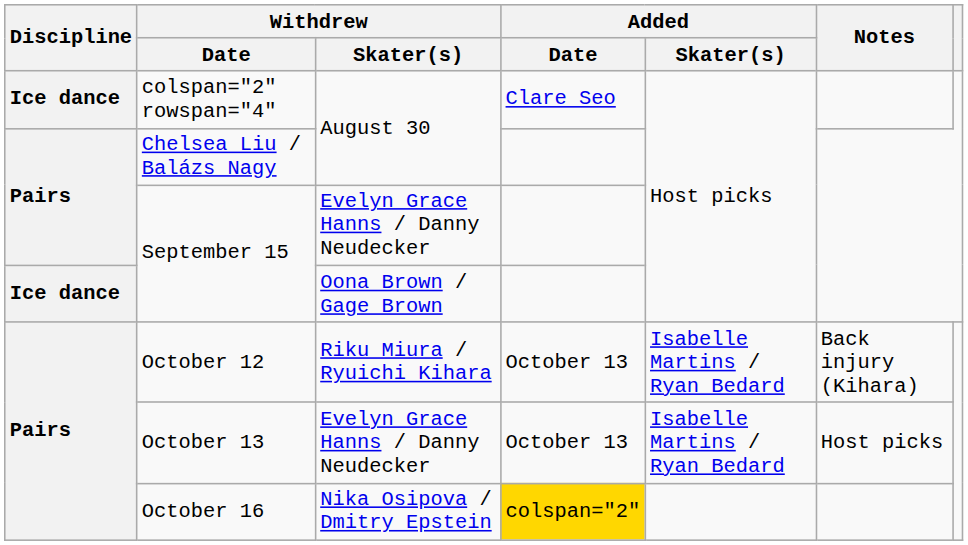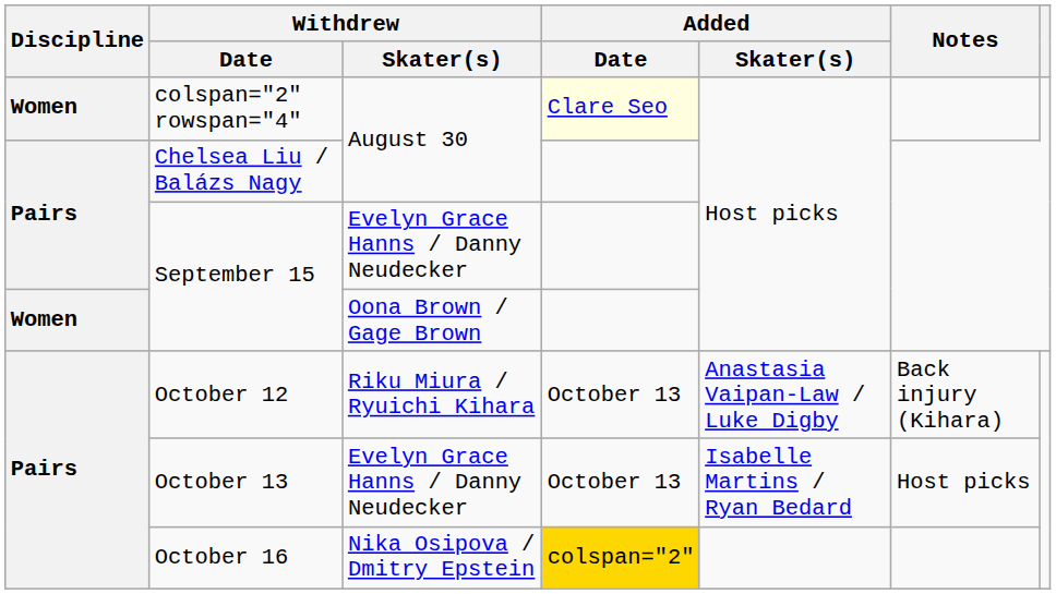 <table class="wikitable unsortable">
 <tr>
 <th scope="col" rowspan=2>Discipline</th>
 <th scope="col" colspan=2>Withdrew</th>
 <th scope="col" colspan=2>Added</th>
 <th scope="col" rowspan=2>Notes</th>
 <th scope="col" rowspan=2></th>
 </tr>
 <tr>
 <th>Date</th>
 <th>Skater(s)</th>
 <th>Date</th>
 <th>Skater(s)</th>
 </tr>
 <tr>
-<th scope="row" style="text-align:left">Ice dance</th>
+<th scope="row" style="text-align:left">Women</th>
 <td>colspan="2" rowspan="4" </td>
 <td rowspan=2>August 30</td>
-<td> <a href='#'>Clare Seo</a></td>
+<td style="background: lightyellow;"> <a href='#'>Clare Seo</a></td>
 <td rowspan=4>Host picks</td>
 <td></td>
 </tr>
 <tr>
 <th rowspan="2" scope="row" style="text-align:left">Pairs</th>
 <td> <a href='#'>Chelsea Liu</a> / <a href='#'>Balázs Nagy</a></td>
 <td></td>
 </tr>
 <tr>
 <td rowspan=2>September 15</td>
 <td> <a href='#'>Evelyn Grace Hanns</a> / Danny Neudecker</td>
 <td></td>
 </tr>
 <tr>
-<th scope="row" style="text-align:left">Ice dance</th>
+<th scope="row" style="text-align:left">Women</th>
 <td> <a href='#'>Oona Brown</a> / <a href='#'>Gage Brown</a></td>
 <td></td>
 </tr>
 <tr>
 <th scope="row" style="text-align:left" rowspan=3>Pairs</th>
 <td>October 12</td>
 <td> <a href='#'>Riku Miura</a> / <a href='#'>Ryuichi Kihara</a></td>
 <td>October 13</td>
-<td> <a href='#'>Isabelle Martins</a> / <a href='#'>Ryan Bedard</a></td>
+<td> <a href='#'>Anastasia Vaipan-Law</a> / <a href='#'>Luke Digby</a></td>
 <td>Back injury (Kihara)</td>
 <td rowspan=3></td>
 </tr>
 <tr>
 <td>October 13</td>
 <td> <a href='#'>Evelyn Grace Hanns</a> / Danny Neudecker</td>
 <td>October 13</td>
 <td> <a href='#'>Isabelle Martins</a> / <a href='#'>Ryan Bedard</a></td>
 <td>Host picks</td>
 </tr>
 <tr>
 <td>October 16</td>
 <td> <a href='#'>Nika Osipova</a> / <a href='#'>Dmitry Epstein</a></td>
 <td style="background: gold;">colspan="2" </td>
 <td></td>
 </tr>
 </table>
